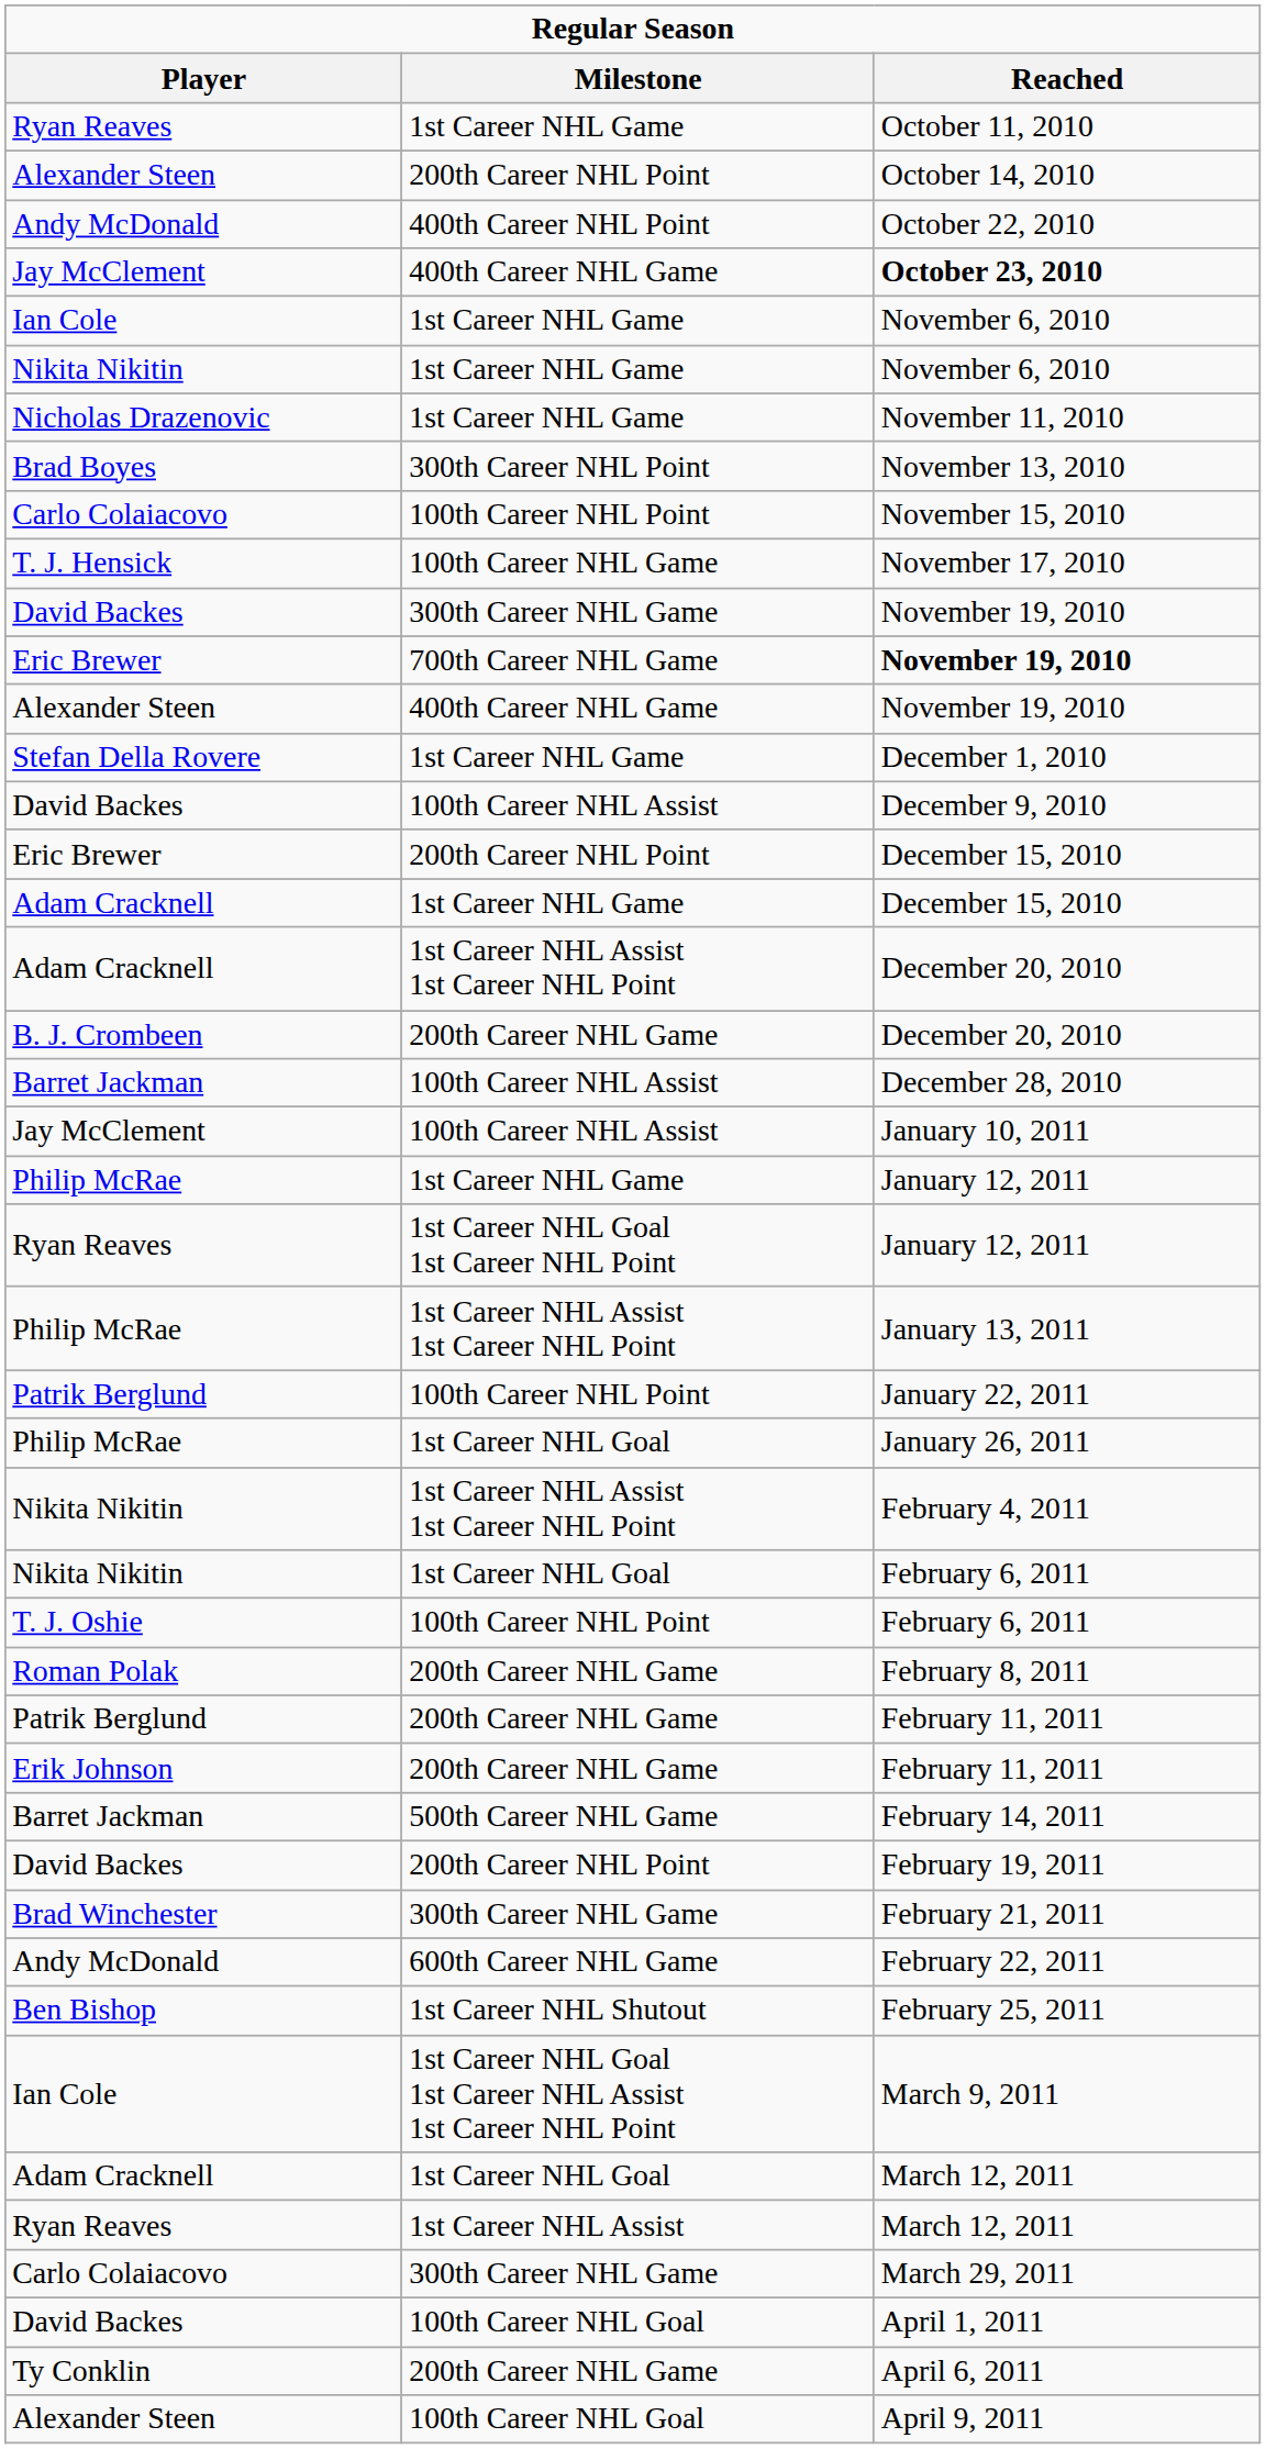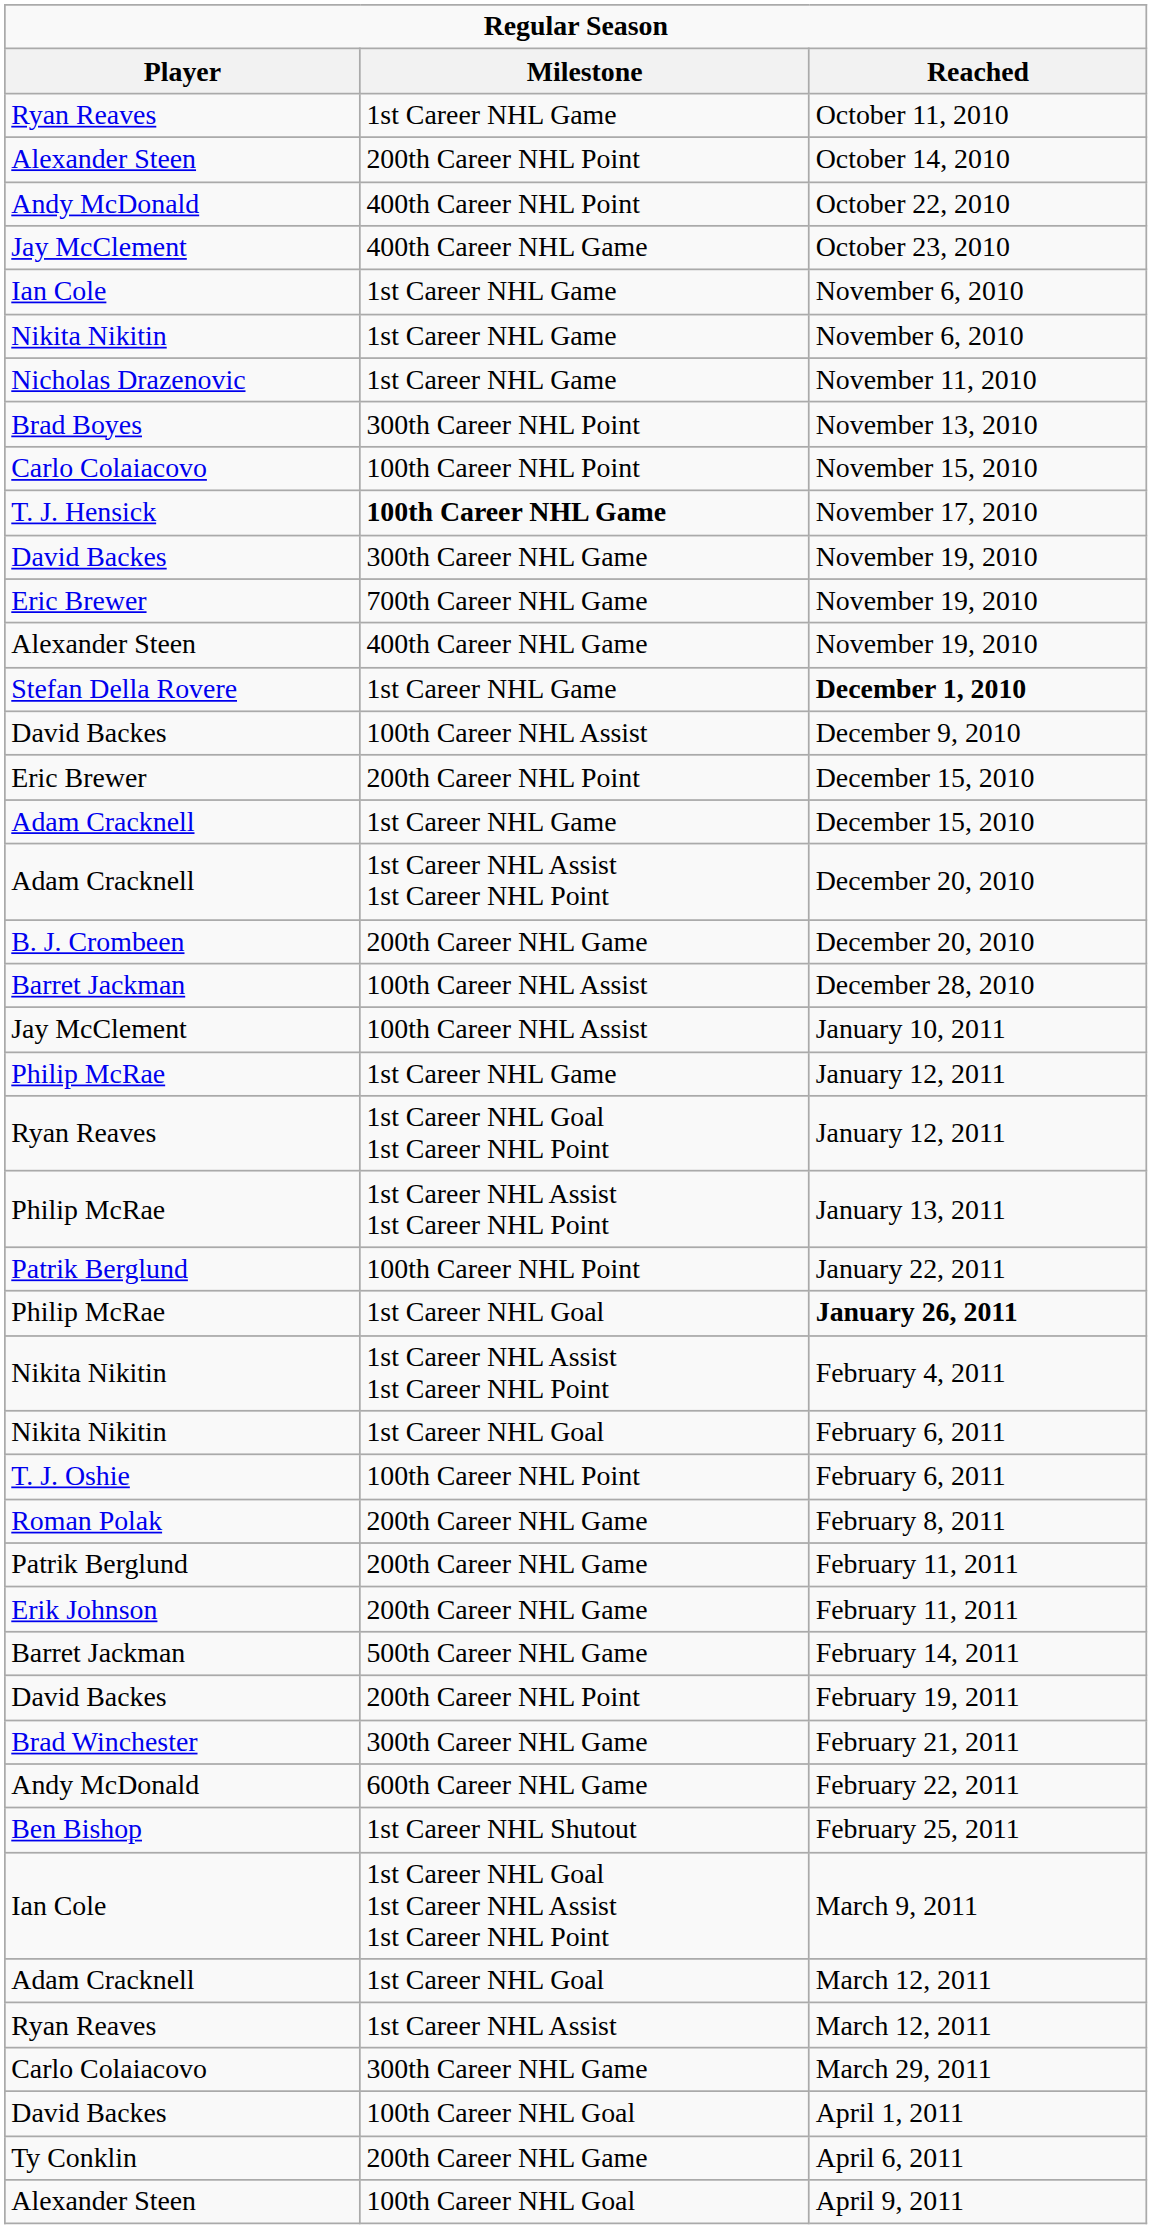 <table class="wikitable" width="52%">
 <tr>
 <td colspan="10" align="center"><strong>Regular Season</strong></td>
 </tr>
 <tr>
 <th>Player</th>
 <th>Milestone</th>
 <th>Reached</th>
 </tr>
 <tr>
 <td><a href='#'>Ryan Reaves</a></td>
 <td>1st Career NHL Game</td>
 <td>October 11, 2010</td>
 </tr>
 <tr>
 <td><a href='#'>Alexander Steen</a></td>
 <td>200th Career NHL Point</td>
 <td>October 14, 2010</td>
 </tr>
 <tr>
 <td><a href='#'>Andy McDonald</a></td>
 <td>400th Career NHL Point</td>
 <td>October 22, 2010</td>
 </tr>
 <tr>
 <td><a href='#'>Jay McClement</a></td>
 <td>400th Career NHL Game</td>
-<td><strong>October 23, 2010</strong></td>
+<td>October 23, 2010</td>
 </tr>
 <tr>
 <td><a href='#'>Ian Cole</a></td>
 <td>1st Career NHL Game</td>
 <td>November 6, 2010</td>
 </tr>
 <tr>
 <td><a href='#'>Nikita Nikitin</a></td>
 <td>1st Career NHL Game</td>
 <td>November 6, 2010</td>
 </tr>
 <tr>
 <td><a href='#'>Nicholas Drazenovic</a></td>
 <td>1st Career NHL Game</td>
 <td>November 11, 2010</td>
 </tr>
 <tr>
 <td><a href='#'>Brad Boyes</a></td>
 <td>300th Career NHL Point</td>
 <td>November 13, 2010</td>
 </tr>
 <tr>
 <td><a href='#'>Carlo Colaiacovo</a></td>
 <td>100th Career NHL Point</td>
 <td>November 15, 2010</td>
 </tr>
 <tr>
 <td><a href='#'>T. J. Hensick</a></td>
-<td>100th Career NHL Game</td>
+<td><strong>100th Career NHL Game</strong></td>
 <td>November 17, 2010</td>
 </tr>
 <tr>
 <td><a href='#'>David Backes</a></td>
 <td>300th Career NHL Game</td>
 <td>November 19, 2010</td>
 </tr>
 <tr>
 <td><a href='#'>Eric Brewer</a></td>
 <td>700th Career NHL Game</td>
-<td><strong>November 19, 2010</strong></td>
+<td>November 19, 2010</td>
 </tr>
 <tr>
 <td>Alexander Steen</td>
 <td>400th Career NHL Game</td>
 <td>November 19, 2010</td>
 </tr>
 <tr>
 <td><a href='#'>Stefan Della Rovere</a></td>
 <td>1st Career NHL Game</td>
-<td>December 1, 2010</td>
+<td><strong>December 1, 2010</strong></td>
 </tr>
 <tr>
 <td>David Backes</td>
 <td>100th Career NHL Assist</td>
 <td>December 9, 2010</td>
 </tr>
 <tr>
 <td>Eric Brewer</td>
 <td>200th Career NHL Point</td>
 <td>December 15, 2010</td>
 </tr>
 <tr>
 <td><a href='#'>Adam Cracknell</a></td>
 <td>1st Career NHL Game</td>
 <td>December 15, 2010</td>
 </tr>
 <tr>
 <td>Adam Cracknell</td>
 <td>1st Career NHL Assist<br>1st Career NHL Point</td>
 <td>December 20, 2010</td>
 </tr>
 <tr>
 <td><a href='#'>B. J. Crombeen</a></td>
 <td>200th Career NHL Game</td>
 <td>December 20, 2010</td>
 </tr>
 <tr>
 <td><a href='#'>Barret Jackman</a></td>
 <td>100th Career NHL Assist</td>
 <td>December 28, 2010</td>
 </tr>
 <tr>
 <td>Jay McClement</td>
 <td>100th Career NHL Assist</td>
 <td>January 10, 2011</td>
 </tr>
 <tr>
 <td><a href='#'>Philip McRae</a></td>
 <td>1st Career NHL Game</td>
 <td>January 12, 2011</td>
 </tr>
 <tr>
 <td>Ryan Reaves</td>
 <td>1st Career NHL Goal<br>1st Career NHL Point</td>
 <td>January 12, 2011</td>
 </tr>
 <tr>
 <td>Philip McRae</td>
 <td>1st Career NHL Assist<br>1st Career NHL Point</td>
 <td>January 13, 2011</td>
 </tr>
 <tr>
 <td><a href='#'>Patrik Berglund</a></td>
 <td>100th Career NHL Point</td>
 <td>January 22, 2011</td>
 </tr>
 <tr>
 <td>Philip McRae</td>
 <td>1st Career NHL Goal</td>
-<td>January 26, 2011</td>
+<td><strong>January 26, 2011</strong></td>
 </tr>
 <tr>
 <td>Nikita Nikitin</td>
 <td>1st Career NHL Assist <br>1st Career NHL Point</td>
 <td>February 4, 2011</td>
 </tr>
 <tr>
 <td>Nikita Nikitin</td>
 <td>1st Career NHL Goal</td>
 <td>February 6, 2011</td>
 </tr>
 <tr>
 <td><a href='#'>T. J. Oshie</a></td>
 <td>100th Career NHL Point</td>
 <td>February 6, 2011</td>
 </tr>
 <tr>
 <td><a href='#'>Roman Polak</a></td>
 <td>200th Career NHL Game</td>
 <td>February 8, 2011</td>
 </tr>
 <tr>
 <td>Patrik Berglund</td>
 <td>200th Career NHL Game</td>
 <td>February 11, 2011</td>
 </tr>
 <tr>
 <td><a href='#'>Erik Johnson</a></td>
 <td>200th Career NHL Game</td>
 <td>February 11, 2011</td>
 </tr>
 <tr>
 <td>Barret Jackman</td>
 <td>500th Career NHL Game</td>
 <td>February 14, 2011</td>
 </tr>
 <tr>
 <td>David Backes</td>
 <td>200th Career NHL Point</td>
 <td>February 19, 2011</td>
 </tr>
 <tr>
 <td><a href='#'>Brad Winchester</a></td>
 <td>300th Career NHL Game</td>
 <td>February 21, 2011</td>
 </tr>
 <tr>
 <td>Andy McDonald</td>
 <td>600th Career NHL Game</td>
 <td>February 22, 2011</td>
 </tr>
 <tr>
 <td><a href='#'>Ben Bishop</a></td>
 <td>1st Career NHL Shutout</td>
 <td>February 25, 2011</td>
 </tr>
 <tr>
 <td>Ian Cole</td>
 <td>1st Career NHL Goal <br> 1st Career NHL Assist <br> 1st Career NHL Point</td>
 <td>March 9, 2011</td>
 </tr>
 <tr>
 <td>Adam Cracknell</td>
 <td>1st Career NHL Goal</td>
 <td>March 12, 2011</td>
 </tr>
 <tr>
 <td>Ryan Reaves</td>
 <td>1st Career NHL Assist</td>
 <td>March 12, 2011</td>
 </tr>
 <tr>
 <td>Carlo Colaiacovo</td>
 <td>300th Career NHL Game</td>
 <td>March 29, 2011</td>
 </tr>
 <tr>
 <td>David Backes</td>
 <td>100th Career NHL Goal</td>
 <td>April 1, 2011</td>
 </tr>
 <tr>
 <td>Ty Conklin</td>
 <td>200th Career NHL Game</td>
 <td>April 6, 2011</td>
 </tr>
 <tr>
 <td>Alexander Steen</td>
 <td>100th Career NHL Goal</td>
 <td>April 9, 2011</td>
 </tr>
 </table>
